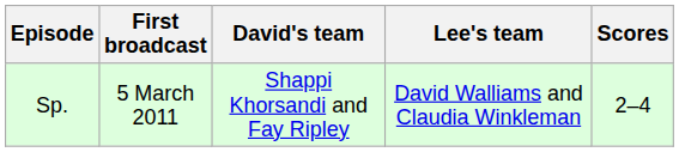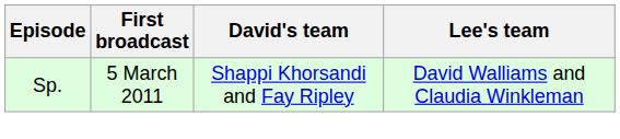 <table class="wikitable"  style="width:80%; left:0 auto; text-align:center;">
 <tr>
 <th style="width:8%;">Episode</th>
 <th style="width:17%;">First broadcast</th>
 <th style="width:31%;">David's team</th>
 <th style="width:38%;">Lee's team</th>
-<th style="width:6%;">Scores</th>
 </tr>
 <tr style="background:#dfd;">
 <td>Sp.</td>
 <td>5 March 2011</td>
 <td><a href='#'>Shappi Khorsandi</a> and <a href='#'>Fay Ripley</a></td>
 <td><a href='#'>David Walliams</a> and <a href='#'>Claudia Winkleman</a></td>
-<td>2–4</td>
 </tr>
 </table>
